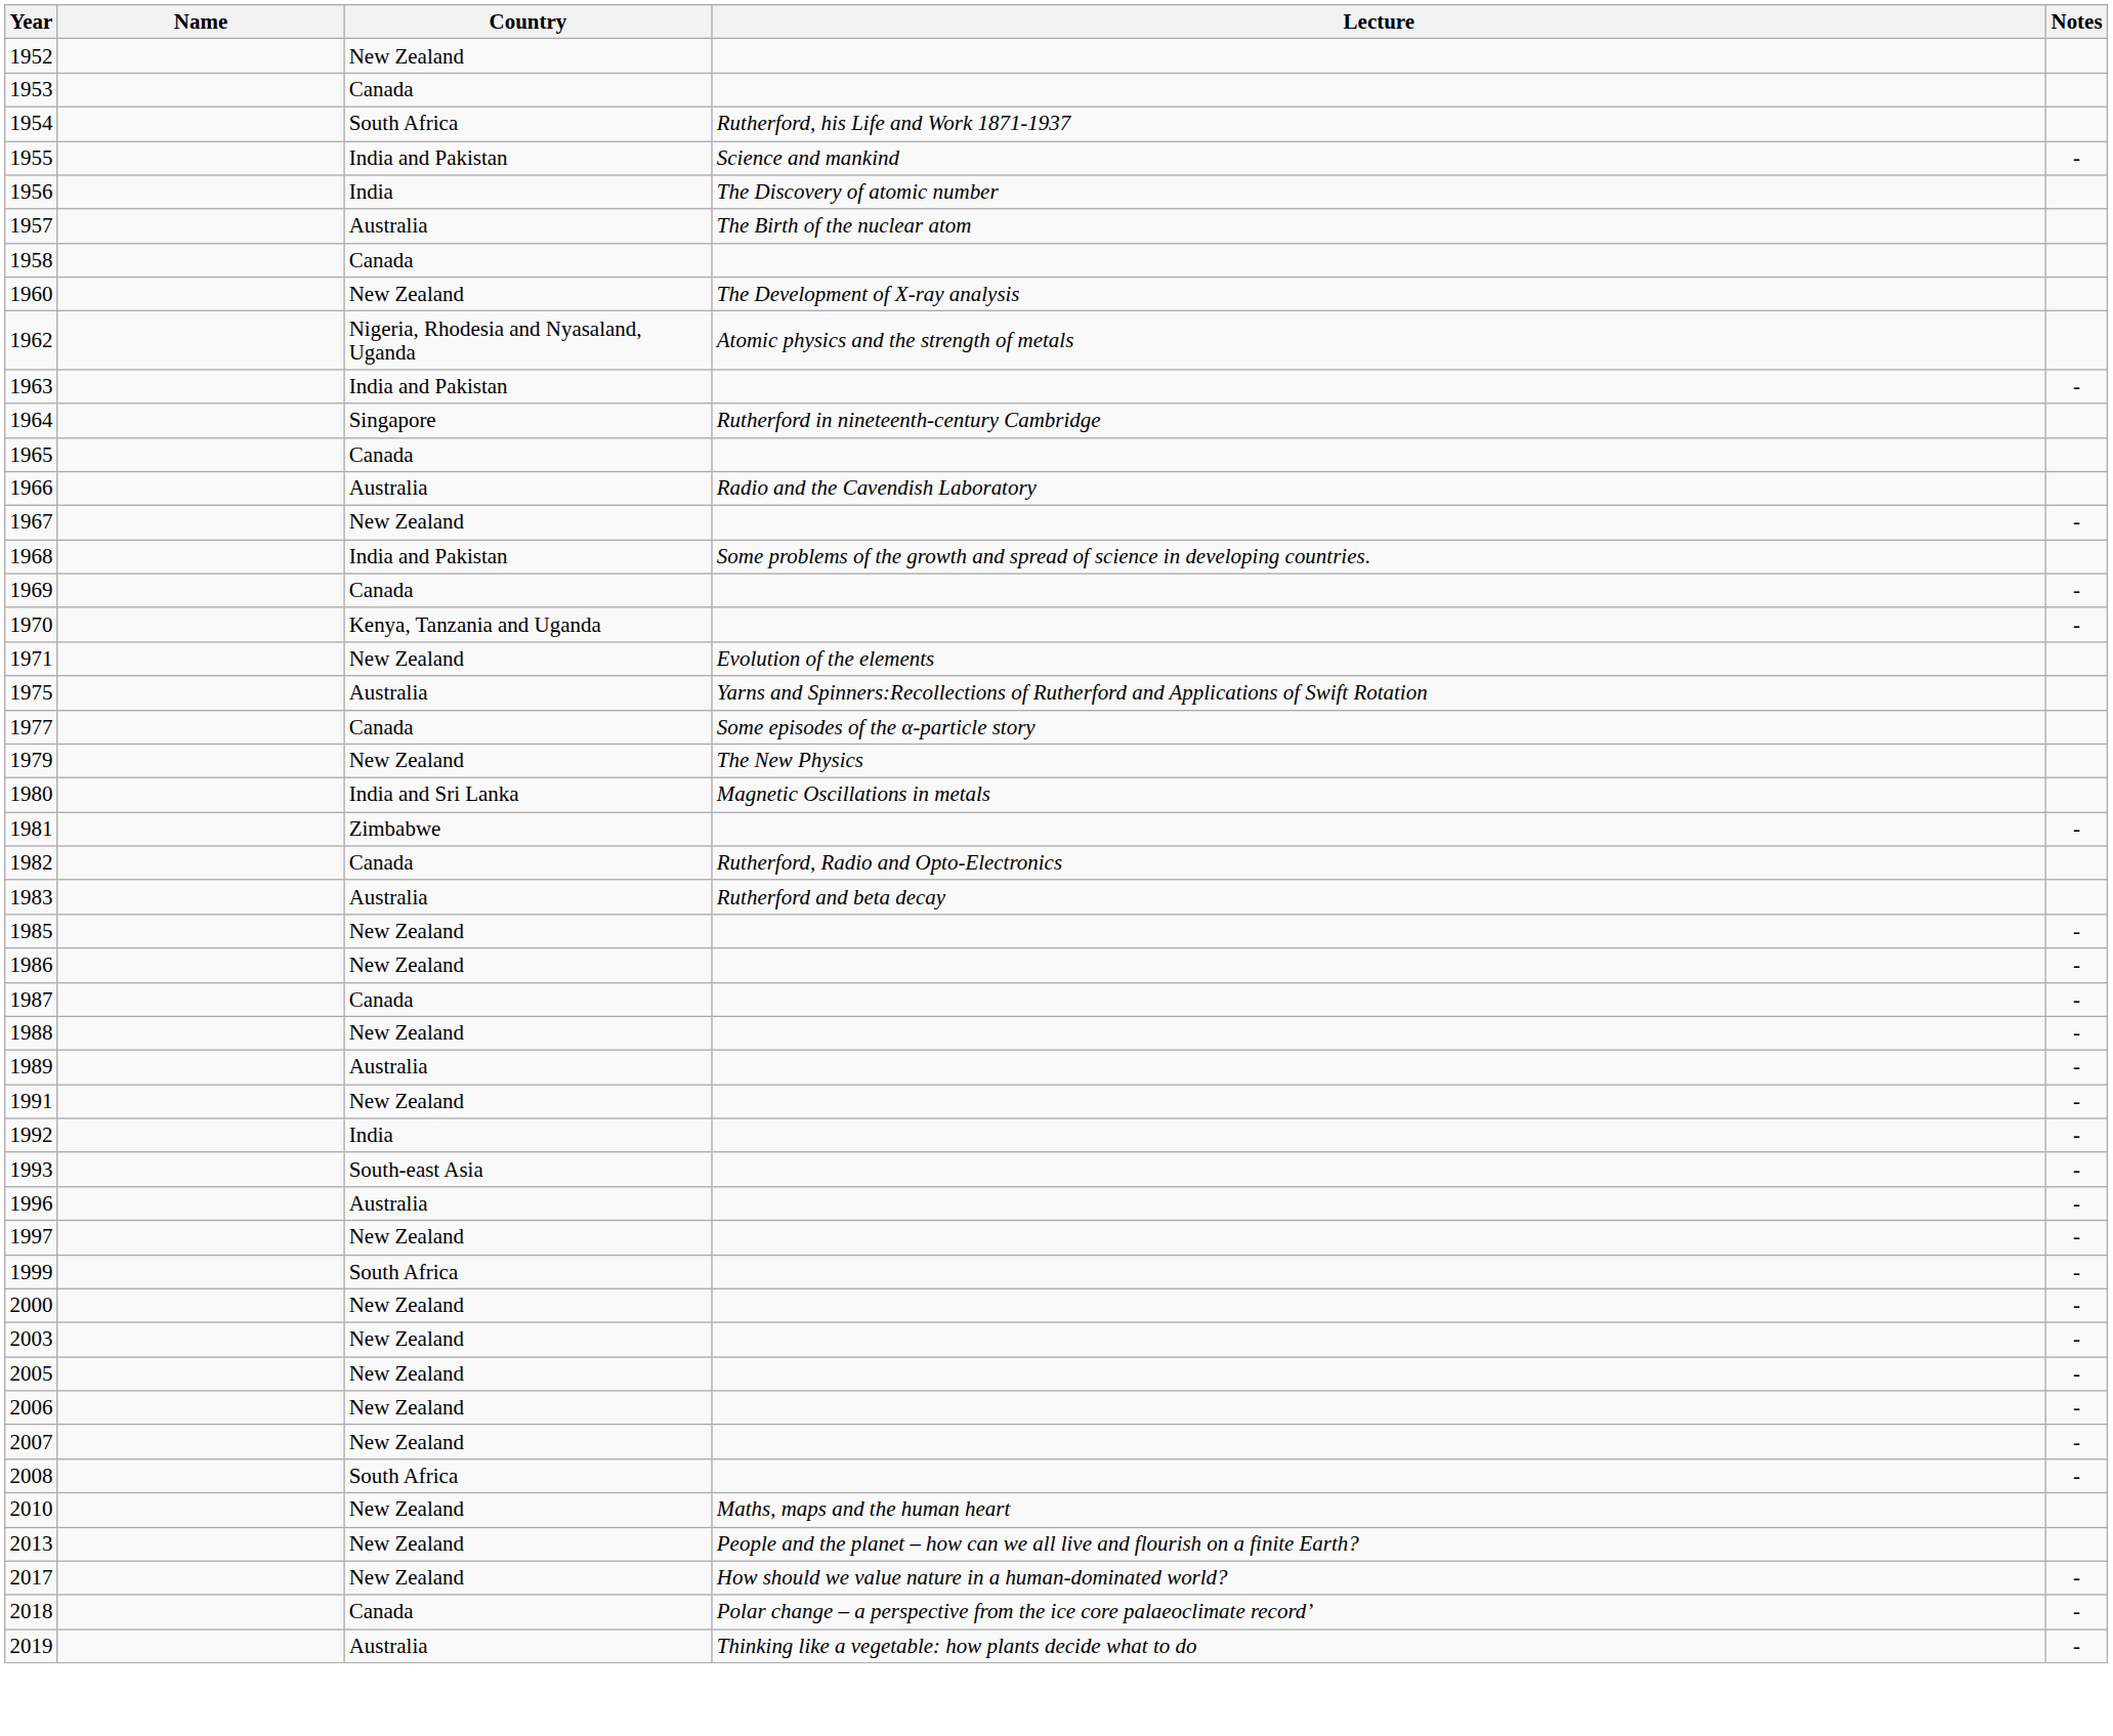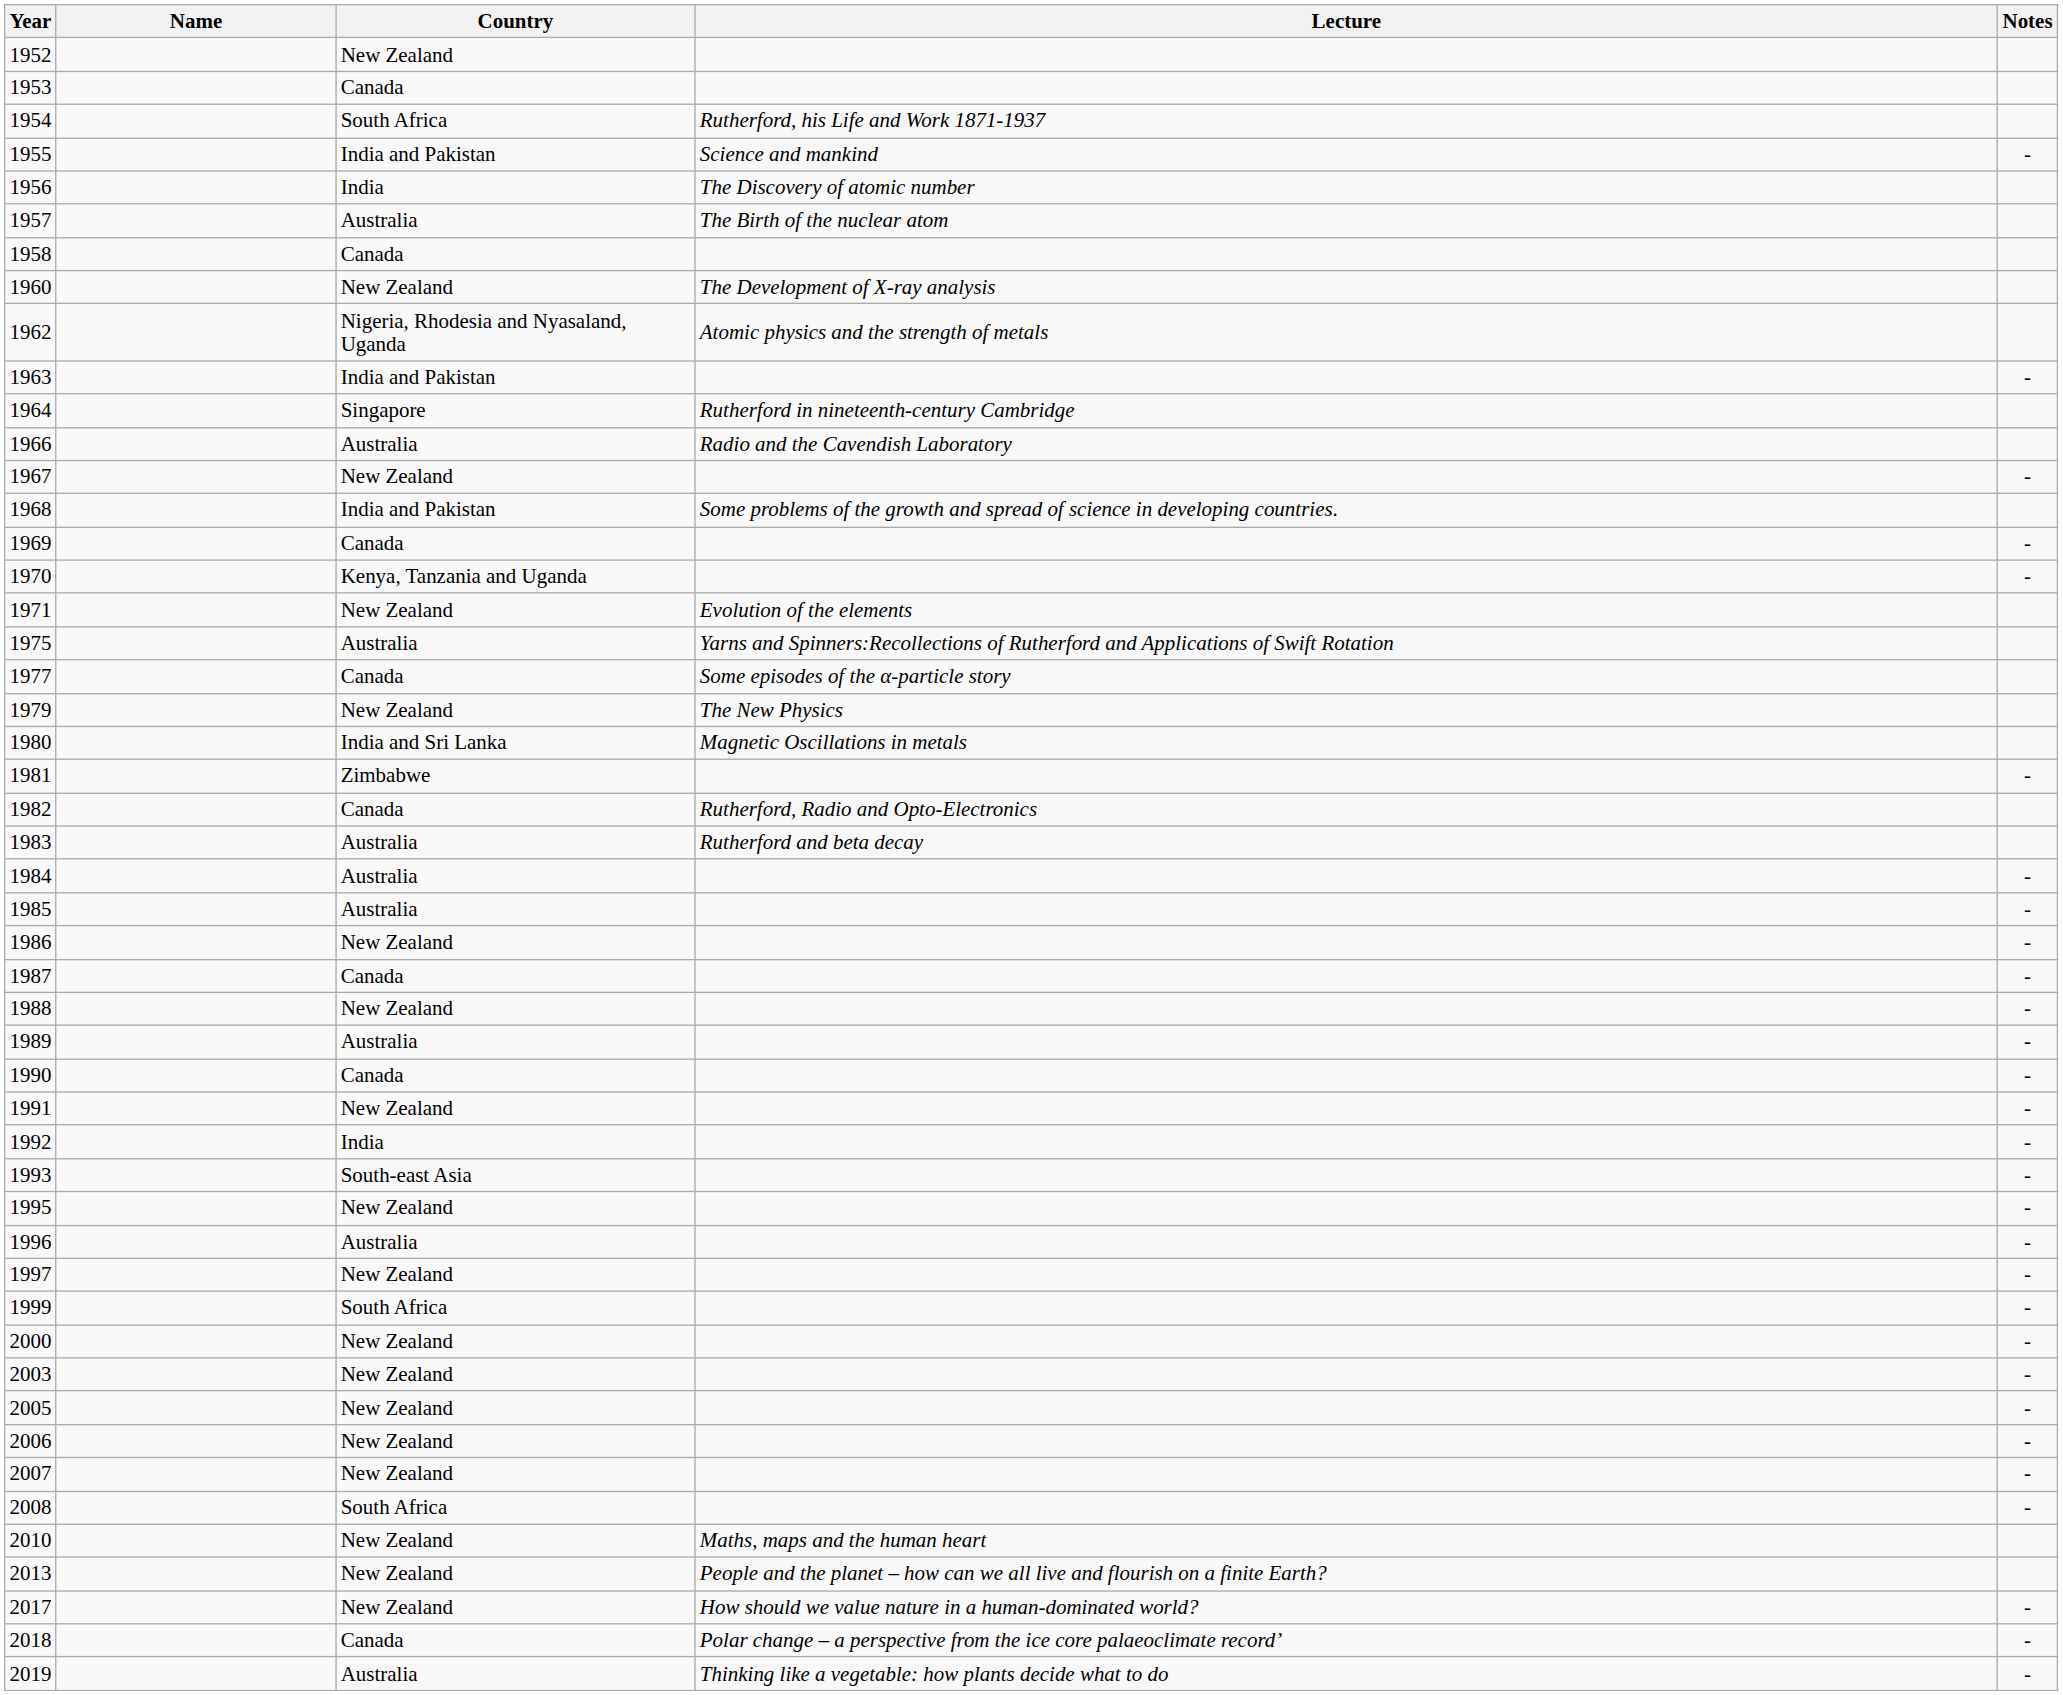 <table class="wikitable sortable" border="1" style="align:left;">
 <tr>
 <th width="4">Year</th>
 <th width="1000">Name</th>
 <th width= "1200">Country</th>
 <th width="5000">Lecture</th>
 <th width="1" class="unsortable">Notes</th>
 </tr>
 <tr>
 <td>1952</td>
 <td></td>
 <td>New Zealand</td>
 <td></td>
 <td align=center></td>
 </tr>
 <tr>
 <td>1953</td>
 <td></td>
 <td>Canada</td>
 <td></td>
 <td align=center></td>
 </tr>
 <tr>
 <td>1954</td>
 <td></td>
 <td>South Africa</td>
 <td><em>Rutherford, his Life and Work 1871-1937</em></td>
 <td align= center></td>
 </tr>
 <tr>
 <td>1955</td>
 <td></td>
 <td>India and Pakistan</td>
 <td><em>Science and mankind</em></td>
 <td align=center>-</td>
 </tr>
 <tr>
 <td>1956</td>
 <td></td>
 <td>India</td>
 <td><em>The Discovery of atomic number</em></td>
 <td align=center></td>
 </tr>
 <tr>
 <td>1957</td>
 <td></td>
 <td>Australia</td>
 <td><em>The Birth of the nuclear atom</em></td>
 <td align=center></td>
 </tr>
 <tr>
 <td>1958</td>
 <td></td>
 <td>Canada</td>
 <td></td>
 <td align=center></td>
 </tr>
 <tr>
 <td>1960</td>
 <td></td>
 <td>New Zealand</td>
 <td><em>The Development of X-ray analysis</em></td>
 <td align=center></td>
 </tr>
 <tr>
 <td>1962</td>
 <td></td>
 <td>Nigeria, Rhodesia and Nyasaland, Uganda</td>
 <td><em>Atomic physics and the strength of metals</em></td>
 <td align=center></td>
 </tr>
 <tr>
 <td>1963</td>
 <td></td>
 <td>India and Pakistan</td>
 <td></td>
 <td align=center>-</td>
 </tr>
 <tr>
 <td>1964</td>
 <td></td>
 <td>Singapore</td>
 <td><em>Rutherford in nineteenth-century Cambridge</em></td>
 <td align=center></td>
-</tr>
-<tr>
-<td>1965</td>
-<td></td>
-<td>Canada</td>
-<td></td>
-<td align = center></td>
 </tr>
 <tr>
 <td>1966</td>
 <td></td>
 <td>Australia</td>
 <td><em>Radio and the Cavendish Laboratory</em></td>
 <td align = center></td>
 </tr>
 <tr>
 <td>1967</td>
 <td></td>
 <td>New Zealand</td>
 <td></td>
 <td align=center>-</td>
 </tr>
 <tr>
 <td>1968</td>
 <td></td>
 <td>India and Pakistan</td>
 <td><em>Some problems of the growth and spread of science in developing countries</em>.</td>
 <td align = center></td>
 </tr>
 <tr>
 <td>1969</td>
 <td></td>
 <td>Canada</td>
 <td></td>
 <td align=center>-</td>
 </tr>
 <tr>
 <td>1970</td>
 <td></td>
 <td>Kenya, Tanzania and Uganda</td>
 <td></td>
 <td align=center>-</td>
 </tr>
 <tr>
 <td>1971</td>
 <td></td>
 <td>New Zealand</td>
 <td><em>Evolution of the elements</em></td>
 <td align=center></td>
 </tr>
 <tr>
 <td>1975</td>
 <td></td>
 <td>Australia</td>
 <td><em>Yarns and Spinners:Recollections of Rutherford and Applications of Swift Rotation</em></td>
 <td align=center></td>
 </tr>
 <tr>
 <td>1977</td>
 <td></td>
 <td>Canada</td>
 <td><em>Some episodes of the α-particle story</em></td>
 <td align = center></td>
 </tr>
 <tr>
 <td>1979</td>
 <td></td>
 <td>New Zealand</td>
 <td><em>The New Physics</em></td>
 <td align=center></td>
 </tr>
 <tr>
 <td>1980</td>
 <td></td>
 <td>India and Sri Lanka</td>
 <td><em>Magnetic Oscillations in metals</em></td>
 <td align=center></td>
 </tr>
 <tr>
 <td>1981</td>
 <td></td>
 <td>Zimbabwe</td>
 <td></td>
 <td align=center>-</td>
 </tr>
 <tr>
 <td>1982</td>
 <td></td>
 <td>Canada</td>
 <td><em>Rutherford, Radio and Opto-Electronics</em></td>
 <td align=center></td>
 </tr>
 <tr>
 <td>1983</td>
 <td></td>
 <td>Australia</td>
 <td><em>Rutherford and beta decay</em></td>
 <td align=center></td>
 </tr>
 <tr>
+<td>1984</td>
+<td></td>
+<td>Australia</td>
+<td></td>
+<td align = center>-</td>
+</tr>
+<tr>
 <td>1985</td>
 <td></td>
-<td>New Zealand</td>
+<td>Australia</td>
 <td></td>
 <td align=center>-</td>
 </tr>
 <tr>
 <td>1986</td>
 <td></td>
 <td>New Zealand</td>
 <td></td>
 <td align = center>-</td>
 </tr>
 <tr>
 <td>1987</td>
 <td></td>
 <td>Canada</td>
 <td></td>
 <td align=center>-</td>
 </tr>
 <tr>
 <td>1988</td>
 <td></td>
 <td>New Zealand</td>
 <td></td>
 <td align=center>-</td>
 </tr>
 <tr>
 <td>1989</td>
 <td></td>
 <td>Australia</td>
 <td></td>
 <td align=center>-</td>
 </tr>
 <tr>
+<td>1990</td>
+<td></td>
+<td>Canada</td>
+<td></td>
+<td align=center>-</td>
+</tr>
+<tr>
 <td>1991</td>
 <td></td>
 <td>New Zealand</td>
 <td></td>
 <td align=center>-</td>
 </tr>
 <tr>
 <td>1992</td>
 <td></td>
 <td>India</td>
 <td></td>
 <td align=center>-</td>
 </tr>
 <tr>
 <td>1993</td>
 <td></td>
 <td>South-east Asia</td>
+<td></td>
+<td align=center>-</td>
+</tr>
+<tr>
+<td>1995</td>
+<td></td>
+<td>New Zealand</td>
 <td></td>
 <td align=center>-</td>
 </tr>
 <tr>
 <td>1996</td>
 <td></td>
 <td>Australia</td>
 <td></td>
 <td align=center>-</td>
 </tr>
 <tr>
 <td>1997</td>
 <td></td>
 <td>New Zealand</td>
 <td></td>
 <td align=center>-</td>
 </tr>
 <tr>
 <td>1999</td>
 <td></td>
 <td>South Africa</td>
 <td></td>
 <td align=center>-</td>
 </tr>
 <tr>
 <td>2000</td>
 <td></td>
 <td>New Zealand</td>
 <td></td>
 <td align=center>-</td>
 </tr>
 <tr>
 <td>2003</td>
 <td></td>
 <td>New Zealand</td>
 <td></td>
 <td align=center>-</td>
 </tr>
 <tr>
 <td>2005</td>
 <td></td>
 <td>New Zealand</td>
 <td></td>
 <td align=center>-</td>
 </tr>
 <tr>
 <td>2006</td>
 <td></td>
 <td>New Zealand</td>
 <td></td>
 <td align=center>-</td>
 </tr>
 <tr>
 <td>2007</td>
 <td></td>
 <td>New Zealand</td>
 <td></td>
 <td align=center>-</td>
 </tr>
 <tr>
 <td>2008</td>
 <td></td>
 <td>South Africa</td>
 <td></td>
 <td align=center>-</td>
 </tr>
 <tr>
 <td>2010</td>
 <td></td>
 <td>New Zealand</td>
 <td><em>Maths, maps and the human heart</em></td>
 <td align=center></td>
 </tr>
 <tr>
 <td>2013</td>
 <td></td>
 <td>New Zealand</td>
 <td><em>People and the planet – how can we all live and flourish on a finite Earth?</em></td>
 <td align=center></td>
 </tr>
 <tr>
 <td>2017</td>
 <td></td>
 <td>New Zealand</td>
 <td><em>How should we value nature in a human-dominated world?</em></td>
 <td align=center>-</td>
 </tr>
 <tr>
 <td>2018</td>
 <td></td>
 <td>Canada</td>
 <td><em>Polar change – a perspective from the ice core palaeoclimate record’</em></td>
 <td align=center>-</td>
 </tr>
 <tr>
 <td>2019</td>
 <td></td>
 <td>Australia</td>
 <td><em>Thinking like a vegetable: how plants decide what to do</em></td>
 <td align=center>-</td>
 </tr>
 <tr>
 </tr>
 </table>
